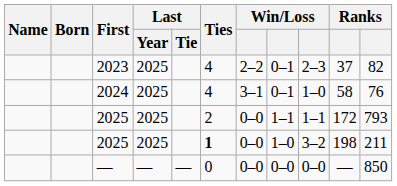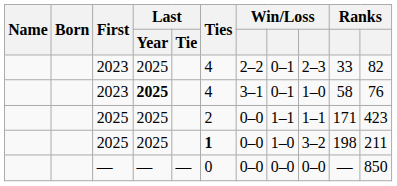 <table class="wikitable sortable">
 <tr align="center">
 <th rowspan="2">Name</th>
 <th rowspan="2">Born</th>
 <th rowspan="2">First</th>
 <th colspan="2">Last</th>
 <th rowspan="2">Ties</th>
 <th class="unsortable" colspan="3">Win/Loss</th>
 <th class="unsortable" colspan="2">Ranks</th>
 </tr>
 <tr>
 <th>Year</th>
 <th>Tie</th>
 <th></th>
 <th></th>
 <th></th>
 <th></th>
 <th></th>
 </tr>
 <tr>
 <td></td>
 <td></td>
 <td>2023</td>
 <td>2025</td>
 <td></td>
 <td>4</td>
 <td>2–2</td>
 <td>0–1</td>
 <td>2–3</td>
-<td align="center">37</td>
+<td align="center">33</td>
 <td align="center">82</td>
 </tr>
 <tr>
 <td></td>
 <td></td>
-<td>2024</td>
-<td>2025</td>
+<td>2023</td>
+<td><strong>2025</strong></td>
 <td></td>
 <td>4</td>
 <td>3–1</td>
 <td>0–1</td>
 <td>1–0</td>
 <td align="center">58</td>
 <td align="center">76</td>
 </tr>
 <tr>
 <td></td>
 <td></td>
 <td>2025</td>
 <td>2025</td>
 <td></td>
 <td>2</td>
 <td>0–0</td>
 <td>1–1</td>
 <td>1–1</td>
-<td align="center">172</td>
-<td align="center">793</td>
+<td align="center">171</td>
+<td align="center">423</td>
 </tr>
 <tr>
 <td></td>
 <td></td>
 <td>2025</td>
 <td>2025</td>
 <td></td>
 <td><strong>1</strong></td>
 <td>0–0</td>
 <td>1–0</td>
 <td>3–2</td>
 <td align="center">198</td>
 <td align="center">211</td>
 </tr>
 <tr>
 <td></td>
 <td></td>
 <td>—</td>
 <td>—</td>
 <td>—</td>
 <td>0</td>
 <td>0–0</td>
 <td>0–0</td>
 <td>0–0</td>
 <td align="center">—</td>
 <td align="center">850</td>
 </tr>
 </table>
